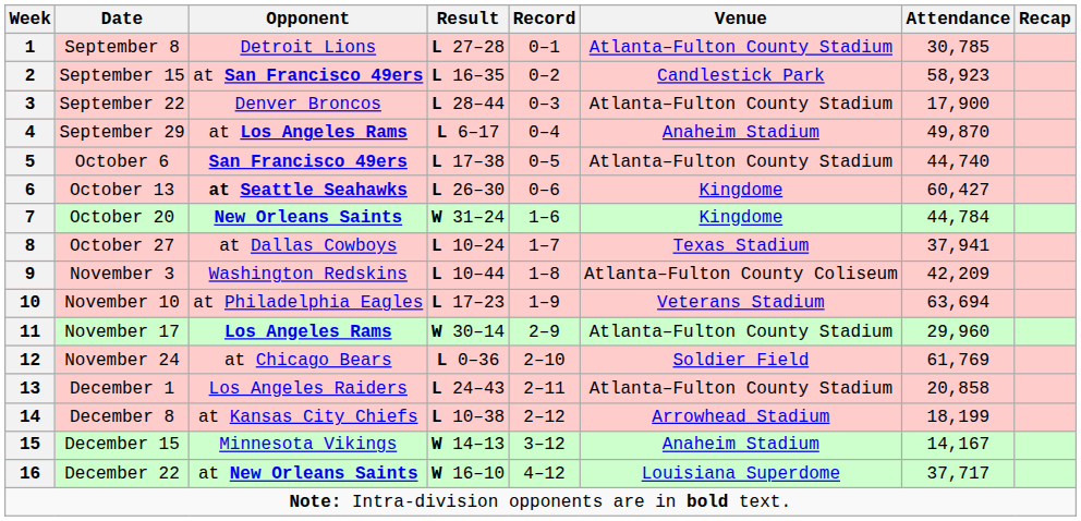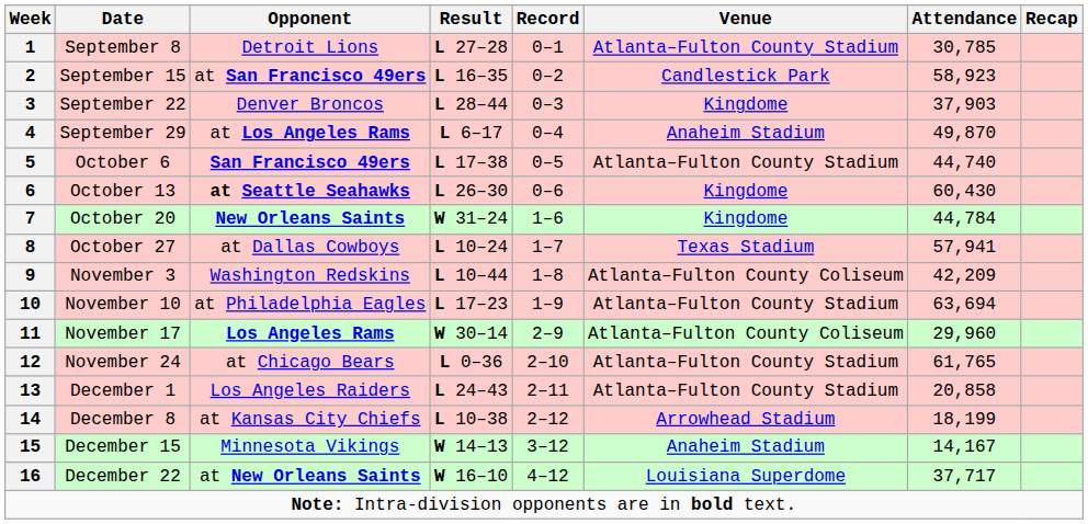 <table class="wikitable" style="text-align:center">
 <tr>
 <th>Week</th>
 <th>Date</th>
 <th>Opponent</th>
 <th>Result</th>
 <th>Record</th>
 <th>Venue</th>
 <th>Attendance</th>
 <th>Recap</th>
 </tr>
 <tr style="background:#fcc">
 <th>1</th>
 <td>September 8</td>
 <td><a href='#'>Detroit Lions</a></td>
 <td><strong>L</strong> 27–28</td>
 <td>0–1</td>
 <td><a href='#'>Atlanta–Fulton County Stadium</a></td>
 <td>30,785</td>
 <td></td>
 </tr>
 <tr style="background:#fcc">
 <th>2</th>
 <td>September 15</td>
 <td>at <strong><a href='#'>San Francisco 49ers</a></strong></td>
 <td><strong>L</strong> 16–35</td>
 <td>0–2</td>
 <td><a href='#'>Candlestick Park</a></td>
 <td>58,923</td>
 <td></td>
 </tr>
 <tr style="background:#fcc">
 <th>3</th>
 <td>September 22</td>
 <td><a href='#'>Denver Broncos</a></td>
 <td><strong>L</strong> 28–44</td>
 <td>0–3</td>
-<td>Atlanta–Fulton County Stadium</td>
-<td>17,900</td>
+<td><a href='#'>Kingdome</a></td>
+<td>37,903</td>
 <td></td>
 </tr>
 <tr style="background:#fcc">
 <th>4</th>
 <td>September 29</td>
 <td>at <strong><a href='#'>Los Angeles Rams</a></strong></td>
 <td><strong>L</strong> 6–17</td>
 <td>0–4</td>
 <td><a href='#'>Anaheim Stadium</a></td>
 <td>49,870</td>
 <td></td>
 </tr>
 <tr style="background:#fcc">
 <th>5</th>
 <td>October 6</td>
 <td><strong><a href='#'>San Francisco 49ers</a></strong></td>
 <td><strong>L</strong> 17–38</td>
 <td>0–5</td>
 <td>Atlanta–Fulton County Stadium</td>
 <td>44,740</td>
 <td></td>
 </tr>
 <tr style="background:#fcc">
 <th>6</th>
 <td>October 13</td>
 <td><strong>at <a href='#'>Seattle Seahawks</a></strong></td>
 <td><strong>L</strong> 26–30</td>
 <td>0–6</td>
 <td><a href='#'>Kingdome</a></td>
-<td>60,427</td>
+<td>60,430</td>
 <td></td>
 </tr>
 <tr style="background:#cfc">
 <th>7</th>
 <td>October 20</td>
 <td><strong><a href='#'>New Orleans Saints</a></strong></td>
 <td><strong>W</strong> 31–24</td>
 <td>1–6</td>
 <td><a href='#'>Kingdome</a></td>
 <td>44,784</td>
 <td></td>
 </tr>
 <tr style="background:#fcc">
 <th>8</th>
 <td>October 27</td>
 <td>at <a href='#'>Dallas Cowboys</a></td>
 <td><strong>L</strong> 10–24</td>
 <td>1–7</td>
 <td><a href='#'>Texas Stadium</a></td>
-<td>37,941</td>
+<td>57,941</td>
 <td></td>
 </tr>
 <tr style="background:#fcc">
 <th>9</th>
 <td>November 3</td>
 <td><a href='#'>Washington Redskins</a></td>
 <td><strong>L</strong> 10–44</td>
 <td>1–8</td>
 <td>Atlanta–Fulton County Coliseum</td>
 <td>42,209</td>
 <td></td>
 </tr>
 <tr style="background:#fcc">
 <th>10</th>
 <td>November 10</td>
 <td>at <a href='#'>Philadelphia Eagles</a></td>
 <td><strong>L</strong> 17–23</td>
 <td>1–9</td>
-<td><a href='#'>Veterans Stadium</a></td>
+<td>Atlanta–Fulton County Stadium</td>
 <td>63,694</td>
 <td></td>
 </tr>
 <tr style="background:#cfc">
 <th>11</th>
 <td>November 17</td>
 <td><strong><a href='#'>Los Angeles Rams</a></strong></td>
 <td><strong>W</strong> 30–14</td>
 <td>2–9</td>
-<td>Atlanta–Fulton County Stadium</td>
+<td>Atlanta–Fulton County Coliseum</td>
 <td>29,960</td>
 <td></td>
 </tr>
 <tr style="background:#fcc">
 <th>12</th>
 <td>November 24</td>
 <td>at <a href='#'>Chicago Bears</a></td>
 <td><strong>L</strong> 0–36</td>
 <td>2–10</td>
-<td><a href='#'>Soldier Field</a></td>
-<td>61,769</td>
+<td>Atlanta–Fulton County Stadium</td>
+<td>61,765</td>
 <td></td>
 </tr>
 <tr style="background:#fcc">
 <th>13</th>
 <td>December 1</td>
 <td><a href='#'>Los Angeles Raiders</a></td>
 <td><strong>L</strong> 24–43</td>
 <td>2–11</td>
 <td>Atlanta–Fulton County Stadium</td>
 <td>20,858</td>
 <td></td>
 </tr>
 <tr style="background:#fcc">
 <th>14</th>
 <td>December 8</td>
 <td>at <a href='#'>Kansas City Chiefs</a></td>
 <td><strong>L</strong> 10–38</td>
 <td>2–12</td>
 <td><a href='#'>Arrowhead Stadium</a></td>
 <td>18,199</td>
 <td></td>
 </tr>
 <tr style="background:#cfc">
 <th>15</th>
 <td>December 15</td>
 <td><a href='#'>Minnesota Vikings</a></td>
 <td><strong>W</strong> 14–13</td>
 <td>3–12</td>
 <td><a href='#'>Anaheim Stadium</a></td>
 <td>14,167</td>
 <td></td>
 </tr>
 <tr style="background:#cfc">
 <th>16</th>
 <td>December 22</td>
 <td>at <strong><a href='#'>New Orleans Saints</a></strong></td>
 <td><strong>W</strong> 16–10</td>
 <td>4–12</td>
 <td><a href='#'>Louisiana Superdome</a></td>
 <td>37,717</td>
 <td></td>
 </tr>
 <tr>
 <td colspan="8"><strong>Note:</strong> Intra-division opponents are in <strong>bold</strong> text.</td>
 </tr>
 </table>
